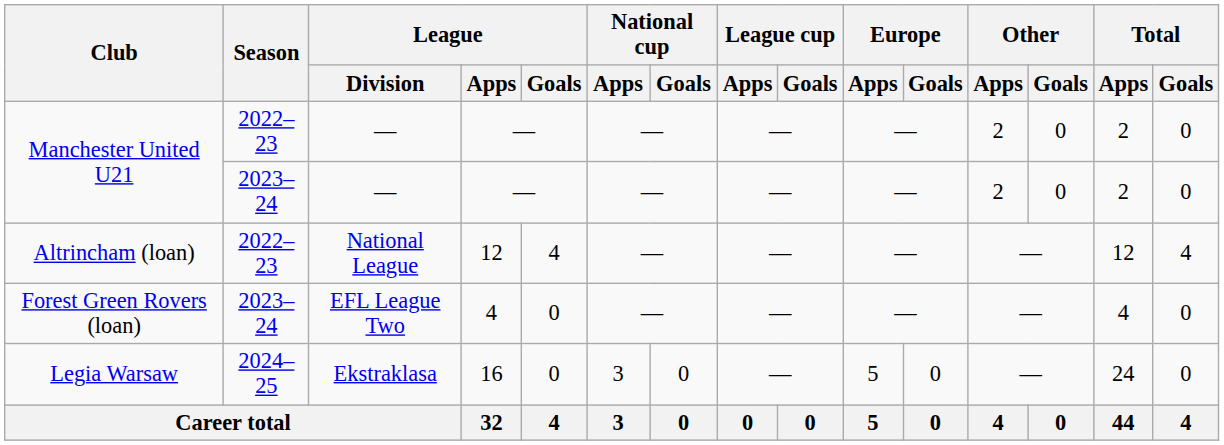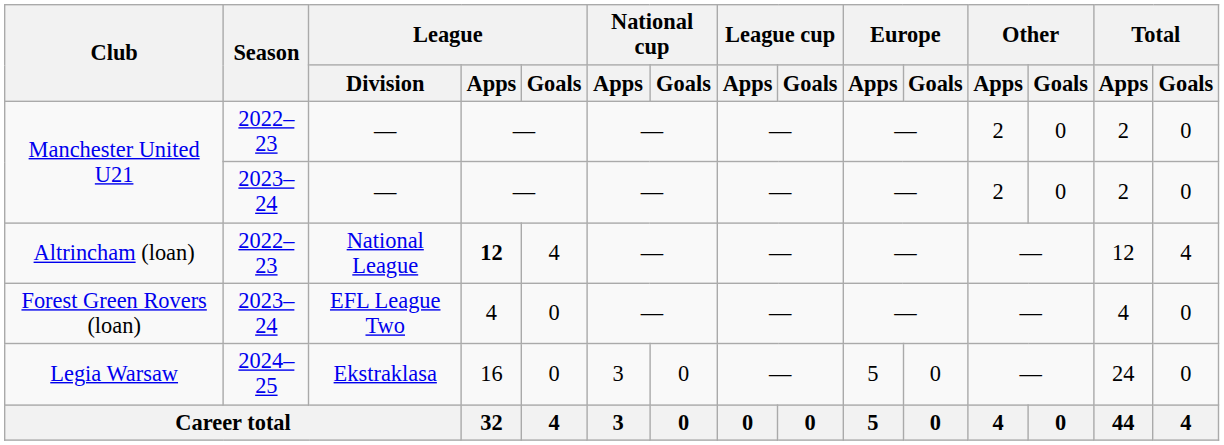 <table class=wikitable style=text-align:center>
 <tr>
 <th rowspan=2>Club</th>
 <th rowspan=2>Season</th>
 <th colspan=3>League</th>
 <th colspan=2>National cup</th>
 <th colspan=2>League cup</th>
 <th colspan=2>Europe</th>
 <th colspan=2>Other</th>
 <th colspan=2>Total</th>
 </tr>
 <tr>
 <th>Division</th>
 <th>Apps</th>
 <th>Goals</th>
 <th>Apps</th>
 <th>Goals</th>
 <th>Apps</th>
 <th>Goals</th>
 <th>Apps</th>
 <th>Goals</th>
 <th>Apps</th>
 <th>Goals</th>
 <th>Apps</th>
 <th>Goals</th>
 </tr>
 <tr>
 <td rowspan="2"><a href='#'>Manchester United U21</a></td>
 <td><a href='#'>2022–23</a></td>
 <td>—</td>
 <td colspan=2>—</td>
 <td colspan=2>—</td>
 <td colspan=2>—</td>
 <td colspan=2>—</td>
 <td>2</td>
 <td>0</td>
 <td>2</td>
 <td>0</td>
 </tr>
 <tr>
 <td><a href='#'>2023–24</a></td>
 <td>—</td>
 <td colspan=2>—</td>
 <td colspan=2>—</td>
 <td colspan=2>—</td>
 <td colspan=2>—</td>
 <td>2</td>
 <td>0</td>
 <td>2</td>
 <td>0</td>
 </tr>
 <tr>
 <td><a href='#'>Altrincham</a> (loan)</td>
 <td><a href='#'>2022–23</a></td>
 <td><a href='#'>National League</a></td>
-<td>12</td>
+<td><strong>12</strong></td>
 <td>4</td>
 <td colspan=2>—</td>
 <td colspan=2>—</td>
 <td colspan=2>—</td>
 <td colspan=2>—</td>
 <td>12</td>
 <td>4</td>
 </tr>
 <tr>
 <td><a href='#'>Forest Green Rovers</a> (loan)</td>
 <td><a href='#'>2023–24</a></td>
 <td><a href='#'>EFL League Two</a></td>
 <td>4</td>
 <td>0</td>
 <td colspan=2>—</td>
 <td colspan=2>—</td>
 <td colspan=2>—</td>
 <td colspan=2>—</td>
 <td>4</td>
 <td>0</td>
 </tr>
 <tr>
 <td><a href='#'>Legia Warsaw</a></td>
 <td><a href='#'>2024–25</a></td>
 <td><a href='#'>Ekstraklasa</a></td>
 <td>16</td>
 <td>0</td>
 <td>3</td>
 <td>0</td>
 <td colspan="2">—</td>
 <td>5</td>
 <td>0</td>
 <td colspan="2">—</td>
 <td>24</td>
 <td>0</td>
 </tr>
 <tr>
 <th colspan=3>Career total</th>
 <th>32</th>
 <th>4</th>
 <th>3</th>
 <th>0</th>
 <th>0</th>
 <th>0</th>
 <th>5</th>
 <th>0</th>
 <th>4</th>
 <th>0</th>
 <th>44</th>
 <th>4</th>
 </tr>
 </table>
